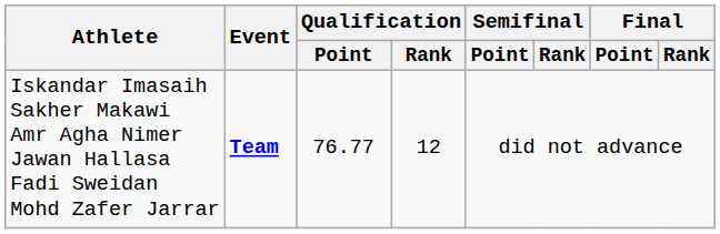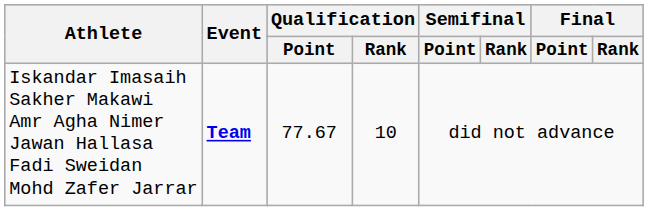 <table class=wikitable style=font-size:90%;text-align:center>
 <tr>
 <th rowspan="2">Athlete</th>
 <th rowspan="2">Event</th>
 <th colspan=2>Qualification</th>
 <th colspan=2>Semifinal</th>
 <th colspan=2>Final</th>
 </tr>
 <tr style="font-size:95%">
 <th>Point</th>
 <th>Rank</th>
 <th>Point</th>
 <th>Rank</th>
 <th>Point</th>
 <th>Rank</th>
 </tr>
 <tr>
 <td align=left>Iskandar Imasaih<br>Sakher Makawi<br>Amr Agha Nimer<br>Jawan Hallasa<br>Fadi Sweidan<br>Mohd Zafer Jarrar</td>
 <td align=left><strong><a href='#'>Team</a></strong></td>
-<td>76.77</td>
-<td>12</td>
+<td>77.67</td>
+<td>10</td>
 <td colspan=4>did not advance</td>
 </tr>
 </table>
